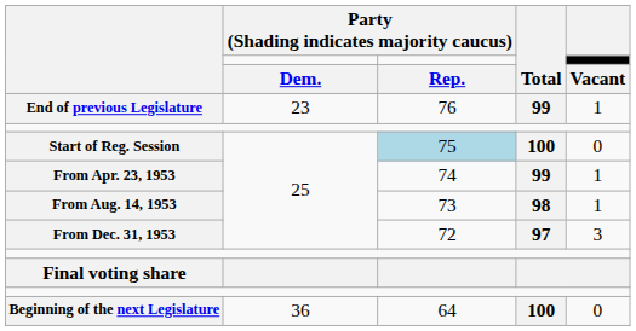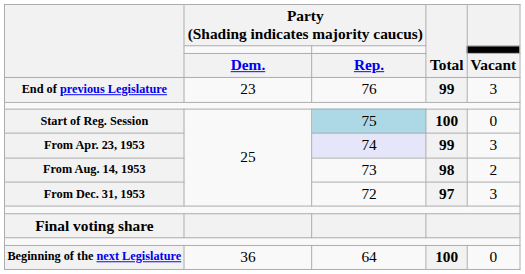 <table class=wikitable style="text-align:center">
 <tr style="vertical-align:bottom;">
 <th rowspan=3></th>
 <th colspan=2>Party <div>(Shading indicates majority caucus)</div></th>
 <th rowspan=3>Total</th>
 <th></th>
 </tr>
 <tr style="height:5px">
 <td style="background-color:"></td>
 <td style="background-color:"></td>
 <td style="background:black;"></td>
 </tr>
 <tr>
 <th><a href='#'>Dem.</a></th>
 <th><a href='#'>Rep.</a></th>
 <th>Vacant</th>
 </tr>
 <tr>
 <th style="font-size:80%;">End of <a href='#'>previous Legislature</a></th>
 <td>23</td>
 <td>76</td>
 <th>99</th>
-<td>1</td>
+<td>3</td>
 </tr>
 <tr>
 <td colspan=5></td>
 </tr>
 <tr>
 <th style="font-size:80%;">Start of Reg. Session</th>
 <td rowspan="4">25</td>
 <td style="background: lightblue;">75</td>
 <th>100</th>
 <td>0</td>
 </tr>
 <tr>
 <th style="font-size:80%;">From Apr. 23, 1953</th>
-<td>74</td>
+<td style="background: lavender;">74</td>
 <th>99</th>
-<td>1</td>
+<td>3</td>
 </tr>
 <tr>
 <th style="font-size:80%;">From Aug. 14, 1953</th>
 <td>73</td>
 <th>98</th>
-<td>1</td>
+<td>2</td>
 </tr>
 <tr>
 <th style="font-size:80%;">From Dec. 31, 1953</th>
 <td>72</td>
 <th>97</th>
 <td>3</td>
 </tr>
 <tr>
 <td colspan=5></td>
 </tr>
 <tr>
 <th>Final voting share</th>
 <th></th>
 <th></th>
 <th colspan=2></th>
 </tr>
 <tr>
 <td colspan=5></td>
 </tr>
 <tr>
 <th style="font-size:80%;">Beginning of the <a href='#'>next Legislature</a></th>
 <td>36</td>
 <td>64</td>
 <th>100</th>
 <td>0</td>
 </tr>
 </table>
